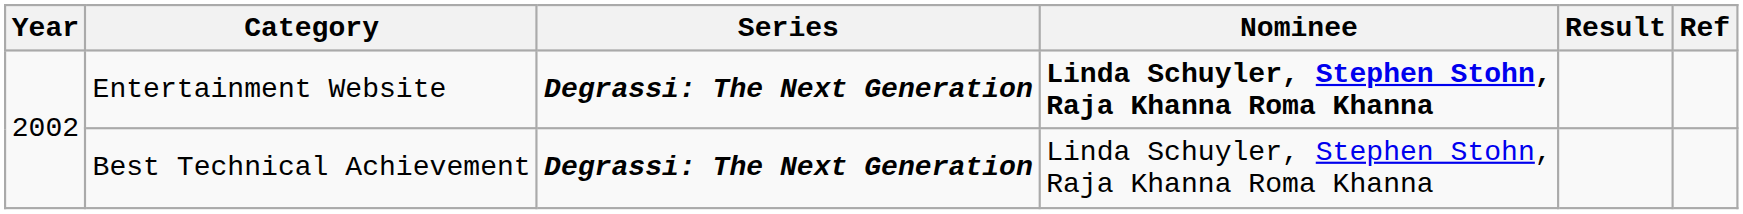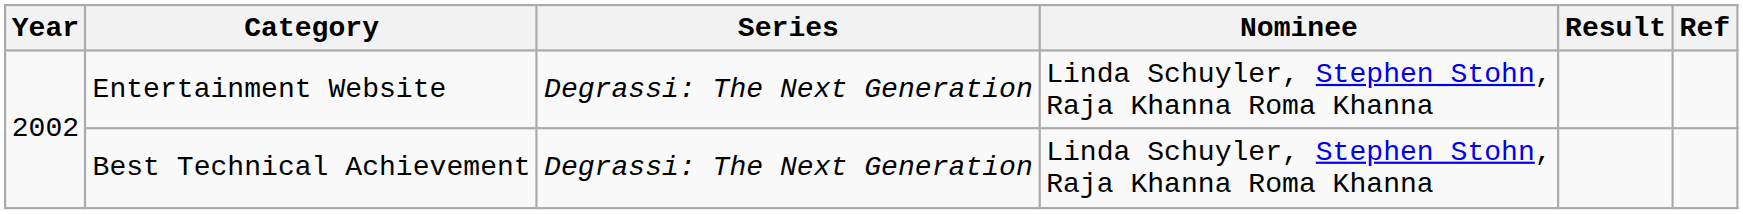 <table class="wikitable">
 <tr>
 <th>Year</th>
 <th>Category</th>
 <th>Series</th>
 <th>Nominee</th>
 <th>Result</th>
 <th>Ref</th>
 </tr>
 <tr>
 <td rowspan=2>2002</td>
 <td>Entertainment Website</td>
-<td><strong><em>Degrassi: The Next Generation</em></strong></td>
-<td><strong>Linda Schuyler, <a href='#'>Stephen Stohn</a>,<br>Raja Khanna  Roma Khanna<br></strong></td>
+<td><em>Degrassi: The Next Generation</em></td>
+<td>Linda Schuyler, <a href='#'>Stephen Stohn</a>,<br>Raja Khanna  Roma Khanna<br></td>
 <td></td>
 <td></td>
 </tr>
 <tr>
 <td>Best Technical Achievement</td>
-<td><strong><em>Degrassi: The Next Generation</em></strong></td>
+<td><em>Degrassi: The Next Generation</em></td>
 <td>Linda Schuyler, <a href='#'>Stephen Stohn</a>,<br>Raja Khanna  Roma Khanna<br></td>
 <td></td>
 <td></td>
 </tr>
 </table>
